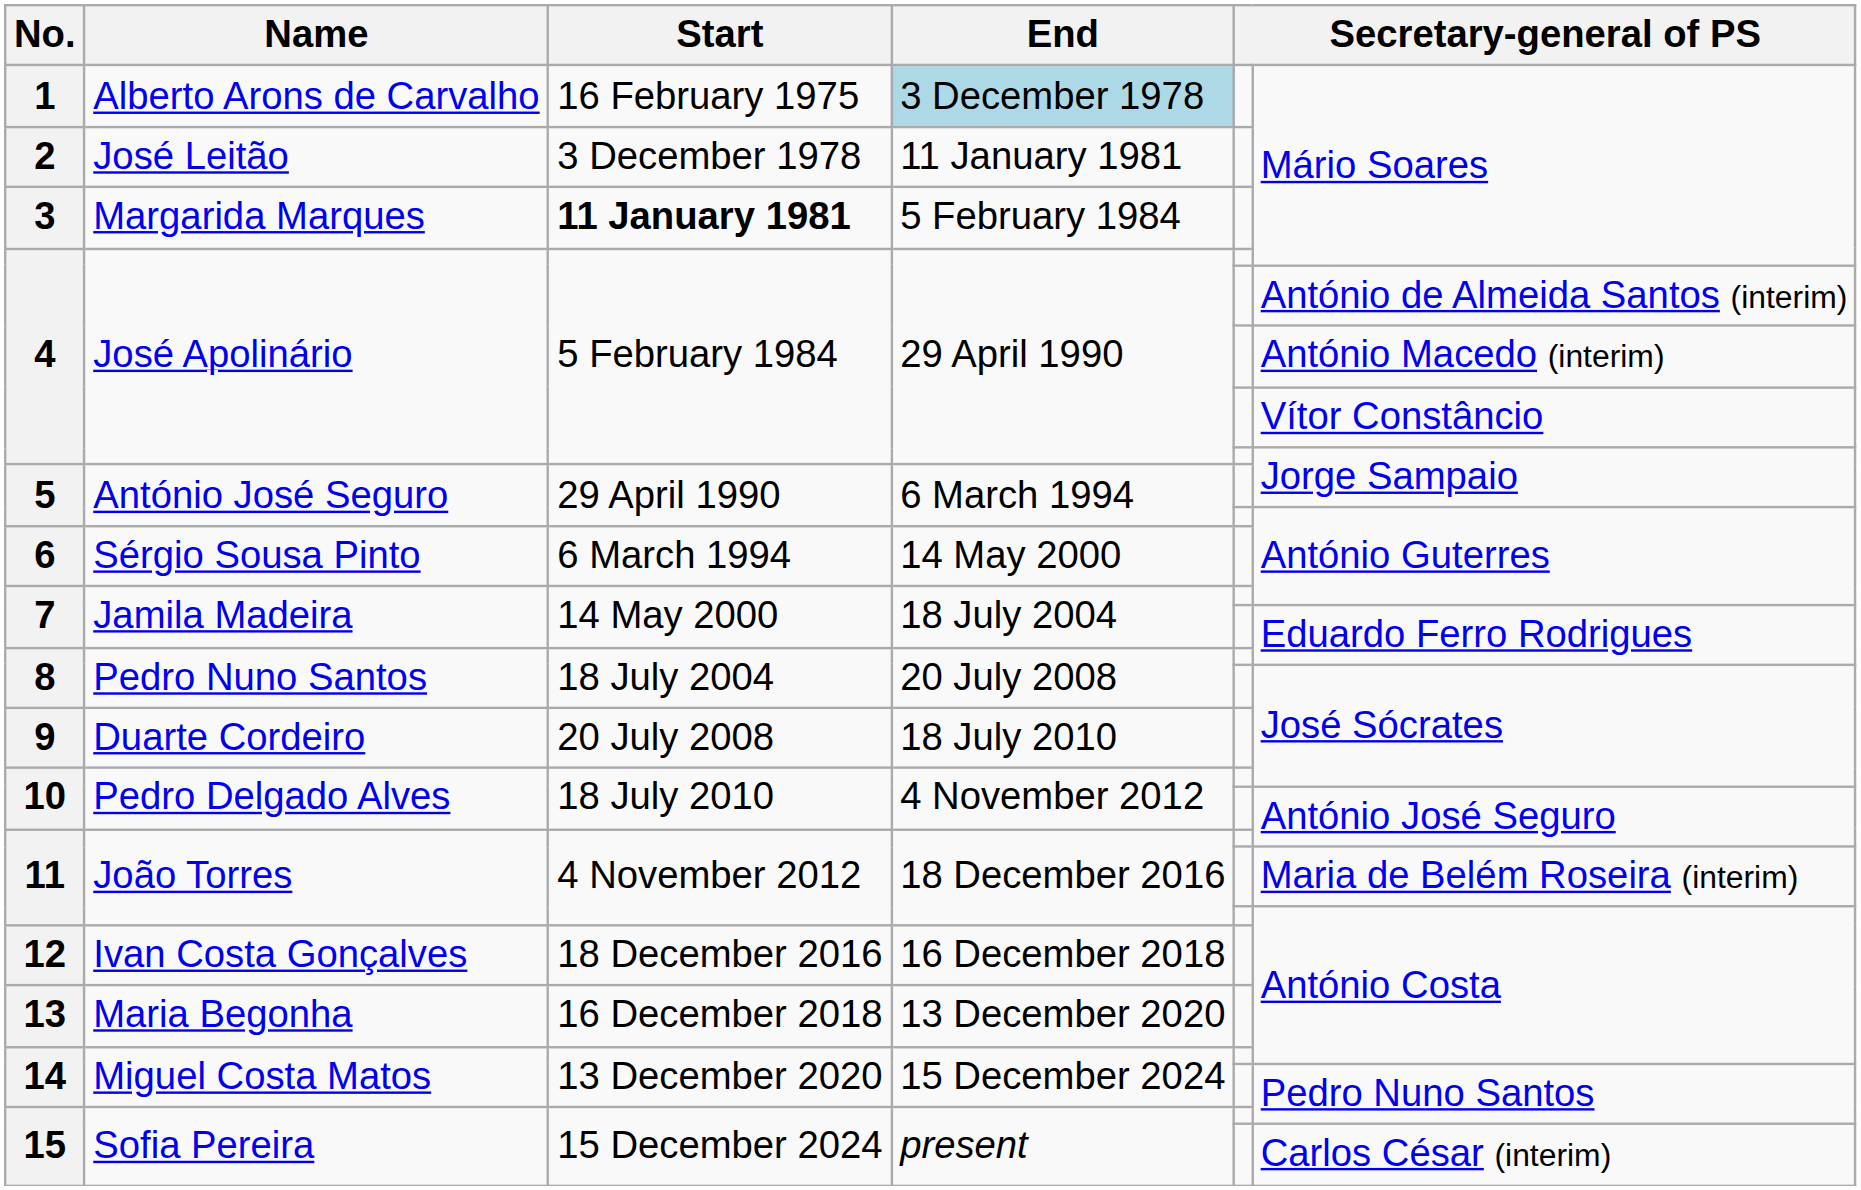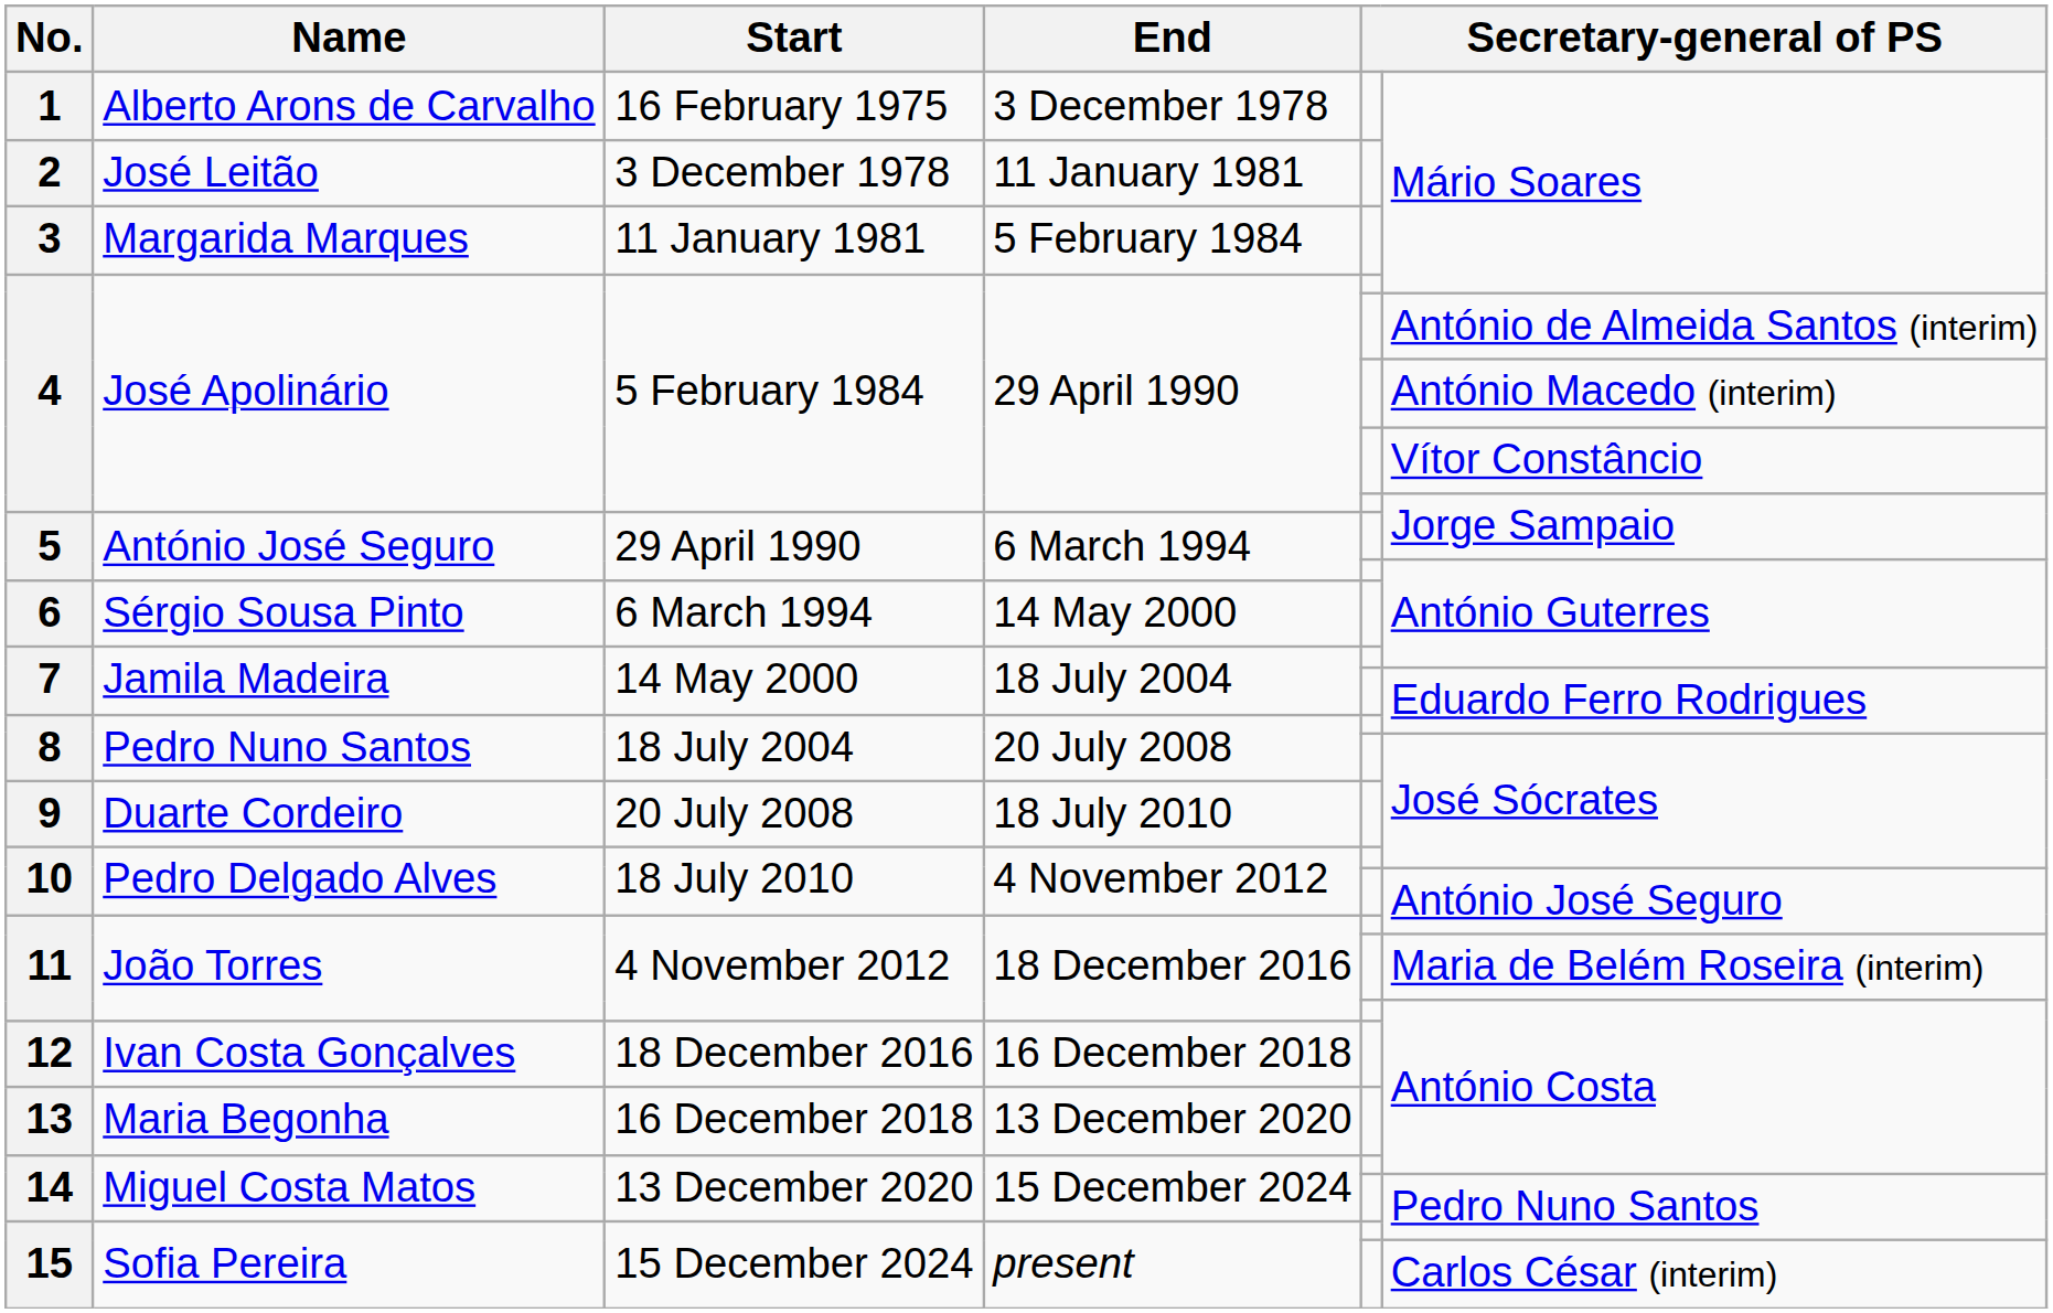 <table class="wikitable">
 <tr>
 <th>No.</th>
 <th>Name</th>
 <th>Start</th>
 <th>End</th>
 <th colspan="2">Secretary-general of PS</th>
 </tr>
 <tr>
 <th>1</th>
 <td><a href='#'>Alberto Arons de Carvalho</a></td>
 <td>16 February 1975</td>
-<td style="background: lightblue;">3 December 1978</td>
+<td>3 December 1978</td>
 <td style="background-color: "></td>
 <td rowspan="4"><a href='#'>Mário Soares</a></td>
 </tr>
 <tr>
 <th>2</th>
 <td><a href='#'>José Leitão</a></td>
 <td>3 December 1978</td>
 <td>11 January 1981</td>
 <td style="background-color: "></td>
 </tr>
 <tr>
 <th>3</th>
 <td><a href='#'>Margarida Marques</a></td>
-<td><strong>11 January 1981</strong></td>
+<td>11 January 1981</td>
 <td>5 February 1984</td>
 <td style="background-color: "></td>
 </tr>
 <tr>
 <th rowspan="5">4</th>
 <td rowspan="5"><a href='#'>José Apolinário</a></td>
 <td rowspan="5">5 February 1984</td>
 <td rowspan="5">29 April 1990</td>
 <td style="background-color: "></td>
 </tr>
 <tr>
 <td style="background-color: "></td>
 <td><a href='#'>António de Almeida Santos</a> <small>(interim)</small></td>
 </tr>
 <tr>
 <td style="background-color: "></td>
 <td><a href='#'>António Macedo</a> <small>(interim)</small></td>
 </tr>
 <tr>
 <td style="background-color: "></td>
 <td><a href='#'>Vítor Constâncio</a></td>
 </tr>
 <tr>
 <td style="background-color: "></td>
 <td rowspan="2"><a href='#'>Jorge Sampaio</a></td>
 </tr>
 <tr>
 <th rowspan="2">5</th>
 <td rowspan="2"><a href='#'>António José Seguro</a></td>
 <td rowspan="2">29 April 1990</td>
 <td rowspan="2">6 March 1994</td>
 <td style="background-color: "></td>
 </tr>
 <tr>
 <td style="background-color: "></td>
 <td rowspan="3"><a href='#'>António Guterres</a></td>
 </tr>
 <tr>
 <th>6</th>
 <td><a href='#'>Sérgio Sousa Pinto</a></td>
 <td>6 March 1994</td>
 <td>14 May 2000</td>
 <td style="background-color: "></td>
 </tr>
 <tr>
 <th rowspan="2">7</th>
 <td rowspan="2"><a href='#'>Jamila Madeira</a></td>
 <td rowspan="2">14 May 2000</td>
 <td rowspan="2">18 July 2004</td>
 <td style="background-color: "></td>
 </tr>
 <tr>
 <td style="background-color: "></td>
 <td rowspan="2"><a href='#'>Eduardo Ferro Rodrigues</a></td>
 </tr>
 <tr>
 <th rowspan="2">8</th>
 <td rowspan="2"><a href='#'>Pedro Nuno Santos</a></td>
 <td rowspan="2">18 July 2004</td>
 <td rowspan="2">20 July 2008</td>
 <td style="background-color: "></td>
 </tr>
 <tr>
 <td style="background-color: "></td>
 <td rowspan="3"><a href='#'>José Sócrates</a></td>
 </tr>
 <tr>
 <th>9</th>
 <td><a href='#'>Duarte Cordeiro</a></td>
 <td>20 July 2008</td>
 <td>18 July 2010</td>
 <td style="background-color: "></td>
 </tr>
 <tr>
 <th rowspan="2">10</th>
 <td rowspan="2"><a href='#'>Pedro Delgado Alves</a></td>
 <td rowspan="2">18 July 2010</td>
 <td rowspan="2">4 November 2012</td>
 <td style="background-color: "></td>
 </tr>
 <tr>
 <td style="background-color: "></td>
 <td rowspan="2"><a href='#'>António José Seguro</a></td>
 </tr>
 <tr>
 <th rowspan="3">11</th>
 <td rowspan="3"><a href='#'>João Torres</a></td>
 <td rowspan="3">4 November 2012</td>
 <td rowspan="3">18 December 2016</td>
 <td style="background-color: "></td>
 </tr>
 <tr>
 <td style="background-color: "></td>
 <td><a href='#'>Maria de Belém Roseira</a> <small>(interim)</small></td>
 </tr>
 <tr>
 <td style="background-color: "></td>
 <td rowspan="4"><a href='#'>António Costa</a></td>
 </tr>
 <tr>
 <th>12</th>
 <td><a href='#'>Ivan Costa Gonçalves</a></td>
 <td>18 December 2016</td>
 <td>16 December 2018</td>
 <td style="background-color: "></td>
 </tr>
 <tr>
 <th>13</th>
 <td><a href='#'>Maria Begonha</a></td>
 <td>16 December 2018</td>
 <td>13 December 2020</td>
 <td style="background-color: "></td>
 </tr>
 <tr>
 <th rowspan="2">14</th>
 <td rowspan="2"><a href='#'>Miguel Costa Matos</a></td>
 <td rowspan="2">13 December 2020</td>
 <td rowspan="2">15 December 2024</td>
 <td style="background-color: "></td>
 </tr>
 <tr>
 <td style="background-color: "></td>
 <td rowspan="2"><a href='#'>Pedro Nuno Santos</a></td>
 </tr>
 <tr>
 <th rowspan="2">15</th>
 <td rowspan="2"><a href='#'>Sofia Pereira</a></td>
 <td rowspan="2">15 December 2024</td>
 <td rowspan="2"><em>present</em></td>
 <td style="background-color: "></td>
 </tr>
 <tr>
 <td style="background-color: "></td>
 <td><a href='#'>Carlos César</a> <small>(interim)</small></td>
 </tr>
 </table>
